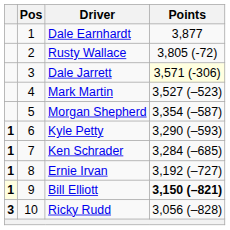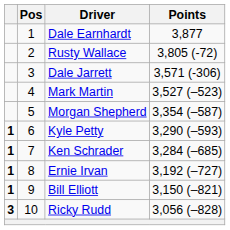 <table class="wikitable" style="font-size: 95%;">
 <tr>
 <th></th>
 <th>Pos</th>
 <th>Driver</th>
 <th>Points</th>
 </tr>
 <tr>
 <td align="left"></td>
 <td style="text-align:center;">1</td>
 <td><a href='#'>Dale Earnhardt</a></td>
 <td style="text-align:center;">3,877</td>
 </tr>
 <tr>
 <td align="left"></td>
 <td style="text-align:center;">2</td>
 <td><a href='#'>Rusty Wallace</a></td>
 <td style="text-align:center;">3,805 (-72)</td>
 </tr>
 <tr>
 <td align="left"></td>
 <td style="text-align:center;">3</td>
 <td><a href='#'>Dale Jarrett</a></td>
-<td style="background: lightyellow; text-align:center;">3,571 (-306)</td>
+<td style="text-align:center;">3,571 (-306)</td>
 </tr>
 <tr>
 <td align="left"></td>
 <td style="text-align:center;">4</td>
 <td><a href='#'>Mark Martin</a></td>
 <td style="text-align:center;">3,527 (–523)</td>
 </tr>
 <tr>
 <td align="left"></td>
 <td style="text-align:center;">5</td>
 <td><a href='#'>Morgan Shepherd</a></td>
 <td style="text-align:center;">3,354 (–587)</td>
 </tr>
 <tr>
 <td align="left"> <strong>1</strong></td>
 <td style="text-align:center;">6</td>
 <td><a href='#'>Kyle Petty</a></td>
 <td style="text-align:center;">3,290 (–593)</td>
 </tr>
 <tr>
 <td align="left"> <strong>1</strong></td>
 <td style="text-align:center;">7</td>
 <td><a href='#'>Ken Schrader</a></td>
 <td style="text-align:center;">3,284 (–685)</td>
 </tr>
 <tr>
 <td align="left"> <strong>1</strong></td>
 <td style="text-align:center;">8</td>
 <td><a href='#'>Ernie Irvan</a></td>
 <td style="text-align:center;">3,192 (–727)</td>
 </tr>
 <tr>
-<td align="left" style="background: lightyellow;"> <strong>1</strong></td>
+<td align="left"> <strong>1</strong></td>
 <td style="text-align:center;">9</td>
 <td><a href='#'>Bill Elliott</a></td>
-<td style="text-align:center;"><strong>3,150 (–821)</strong></td>
+<td style="text-align:center;">3,150 (–821)</td>
 </tr>
 <tr>
 <td align="left"> <strong>3</strong></td>
 <td style="text-align:center;">10</td>
 <td><a href='#'>Ricky Rudd</a></td>
 <td style="text-align:center;">3,056 (–828)</td>
 </tr>
 <tr class="sortbottom">
 <th colspan="9"></th>
 </tr>
 </table>
